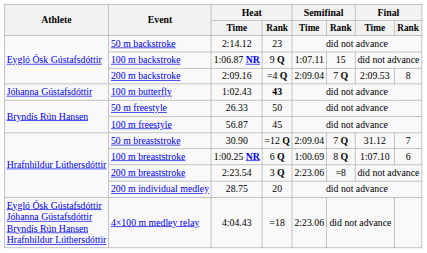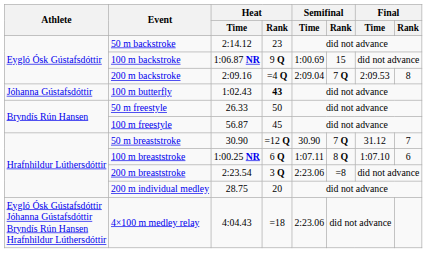 <table class=wikitable style="font-size:90%">
 <tr>
 <th rowspan=2>Athlete</th>
 <th rowspan=2>Event</th>
 <th colspan="2">Heat</th>
 <th colspan="2">Semifinal</th>
 <th colspan="2">Final</th>
 </tr>
 <tr style="font-size:95%">
 <th>Time</th>
 <th>Rank</th>
 <th>Time</th>
 <th>Rank</th>
 <th>Time</th>
 <th>Rank</th>
 </tr>
 <tr align=center>
 <td align=left rowspan=3><a href='#'>Eygló Ósk Gústafsdóttir</a></td>
 <td align=left><a href='#'>50 m backstroke</a></td>
 <td>2:14.12</td>
 <td>23</td>
 <td colspan=4>did not advance</td>
 </tr>
 <tr align=center>
 <td align=left><a href='#'>100 m backstroke</a></td>
 <td>1:06.87 <strong><a href='#'>NR</a></strong></td>
 <td>9 <strong>Q</strong></td>
-<td>1:07.11</td>
+<td>1:00.69</td>
 <td>15</td>
 <td colspan=2>did not advance</td>
 </tr>
 <tr align=center>
 <td align=left><a href='#'>200 m backstroke</a></td>
 <td>2:09.16</td>
 <td>=4 <strong>Q</strong></td>
 <td>2:09.04</td>
 <td>7 <strong>Q</strong></td>
 <td>2:09.53</td>
 <td>8</td>
 </tr>
 <tr align=center>
 <td align=left><a href='#'>Jóhanna Gústafsdóttir</a></td>
 <td align=left><a href='#'>100 m butterfly</a></td>
 <td>1:02.43</td>
 <td><strong>43</strong></td>
 <td colspan=4>did not advance</td>
 </tr>
 <tr align=center>
 <td align=left rowspan=2><a href='#'>Bryndís Rún Hansen</a></td>
 <td align=left><a href='#'>50 m freestyle</a></td>
 <td>26.33</td>
 <td>50</td>
 <td colspan=4>did not advance</td>
 </tr>
 <tr align=center>
 <td align=left><a href='#'>100 m freestyle</a></td>
 <td>56.87</td>
 <td>45</td>
 <td colspan=4>did not advance</td>
 </tr>
 <tr align=center>
 <td align=left rowspan=4><a href='#'>Hrafnhildur Lúthersdóttir</a></td>
 <td align=left><a href='#'>50 m breaststroke</a></td>
 <td>30.90</td>
 <td>=12 <strong>Q</strong></td>
-<td>2:09.04</td>
+<td>30.90</td>
 <td>7 <strong>Q</strong></td>
 <td>31.12</td>
 <td>7</td>
 </tr>
 <tr align=center>
 <td align=left><a href='#'>100 m breaststroke</a></td>
 <td>1:00.25 <strong><a href='#'>NR</a></strong></td>
 <td>6 <strong>Q</strong></td>
-<td>1:00.69</td>
+<td>1:07.11</td>
 <td>8 <strong>Q</strong></td>
 <td>1:07.10</td>
 <td>6</td>
 </tr>
 <tr align=center>
 <td align=left><a href='#'>200 m breaststroke</a></td>
 <td>2:23.54</td>
 <td>3 <strong>Q</strong></td>
 <td>2:23.06</td>
 <td>=8</td>
 <td colspan=2>did not advance</td>
 </tr>
 <tr align=center>
 <td align=left><a href='#'>200 m individual medley</a></td>
 <td>28.75</td>
 <td>20</td>
 <td colspan=4>did not advance</td>
 </tr>
 <tr align=center>
 <td align=left><a href='#'>Eygló Ósk Gústafsdóttir</a><br><a href='#'>Jóhanna Gústafsdóttir</a><br><a href='#'>Bryndís Rún Hansen</a><br><a href='#'>Hrafnhildur Lúthersdóttir</a></td>
 <td align=left><a href='#'>4×100 m medley relay</a></td>
 <td>4:04.43</td>
 <td>=18</td>
 <td>2:23.06</td>
 <td colspan=2>did not advance</td>
 </tr>
 </table>
